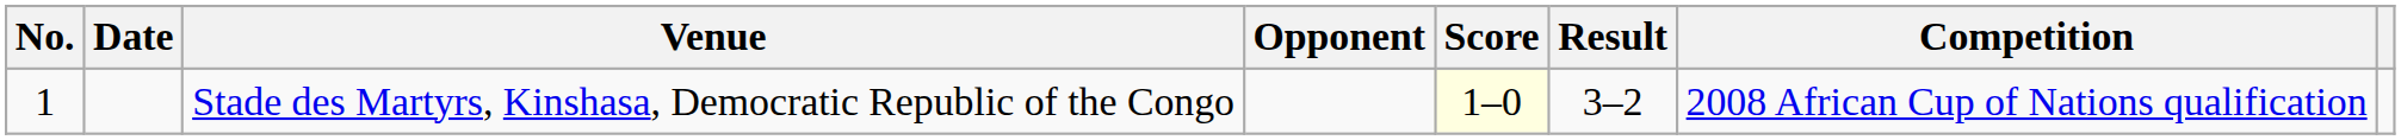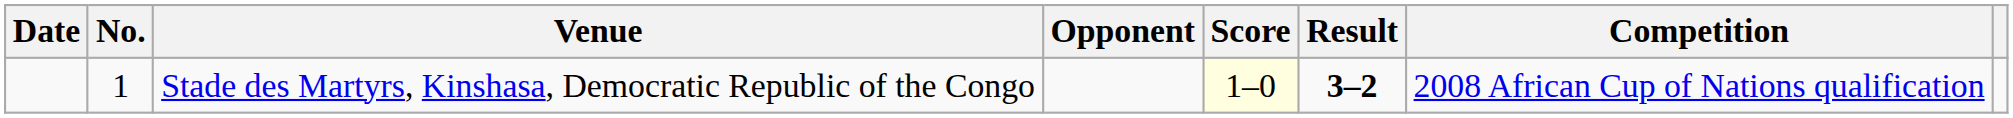 <table class="wikitable sortable">
 <tr>
+<th scope="col">Date</th>
 <th scope="col">No.</th>
-<th scope="col">Date</th>
 <th scope="col">Venue</th>
 <th scope="col">Opponent</th>
 <th scope="col">Score</th>
 <th scope="col">Result</th>
 <th scope="col">Competition</th>
 <th scope="col" class="unsortable"></th>
 </tr>
 <tr>
+<td></td>
 <td style="text-align:center">1</td>
-<td></td>
 <td><a href='#'>Stade des Martyrs</a>, <a href='#'>Kinshasa</a>, Democratic Republic of the Congo</td>
 <td></td>
 <td style="background: lightyellow; text-align:center">1–0</td>
-<td style="text-align:center">3–2</td>
+<td style="text-align:center"><strong>3–2</strong></td>
 <td><a href='#'>2008 African Cup of Nations qualification</a></td>
 <td></td>
 </tr>
 </table>
